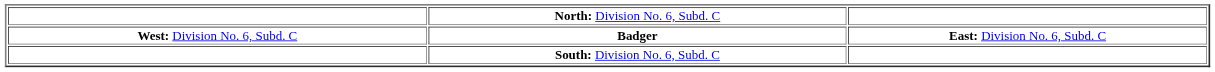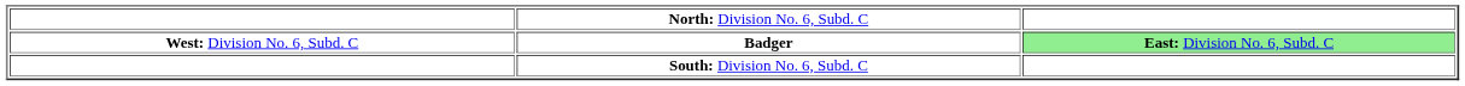 <table width ="75%" border ="2" align="center">
 <tr ---->
 <td width ="35%" align="center"></td>
 <td width ="30%" align="center"><strong>North:</strong> <a href='#'>Division No. 6, Subd. C</a></td>
 <td width ="35%" align="center"></td>
 </tr>
 <tr ---->
 <td width ="10%" align="center"><strong>West:</strong> <a href='#'>Division No. 6, Subd. C</a> <br></td>
 <td width ="35%" align="center"><strong>Badger</strong><br></td>
-<td width ="30%" align="center"><strong>East:</strong> <a href='#'>Division No. 6, Subd. C</a></td>
+<td width ="30%" align="center" style="background: lightgreen;"><strong>East:</strong> <a href='#'>Division No. 6, Subd. C</a></td>
 </tr>
 <tr ---->
 <td width ="35%" align="center"></td>
 <td width ="30%" align="center"><strong>South:</strong> <a href='#'>Division No. 6, Subd. C</a></td>
 <td width ="35%" align="center"></td>
 </tr>
 </table>
